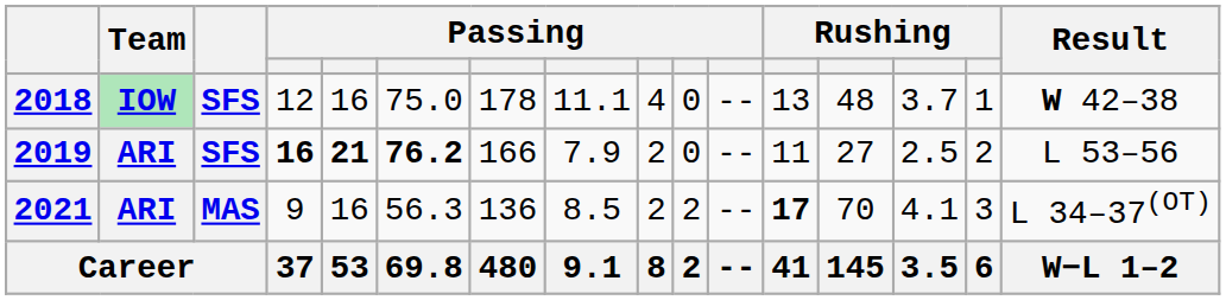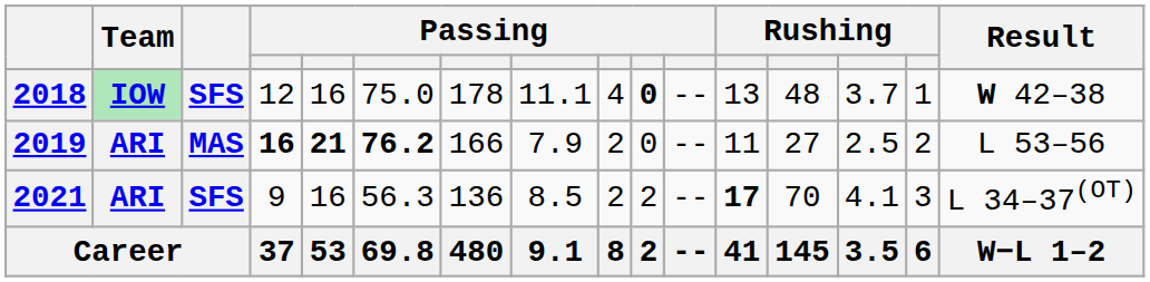 <table class="wikitable" style="text-align:center;">
 <tr>
 <th rowspan="2"></th>
 <th rowspan="2">Team</th>
 <th rowspan="2"></th>
 <th colspan="8">Passing</th>
 <th colspan="4">Rushing</th>
 <th rowspan="2">Result</th>
 </tr>
 <tr>
 <th></th>
 <th></th>
 <th></th>
 <th></th>
 <th></th>
 <th></th>
 <th></th>
 <th></th>
 <th></th>
 <th></th>
 <th></th>
 <th></th>
 </tr>
 <tr>
 <th><a href='#'>2018</a></th>
 <th style="background:#afe6ba;"><a href='#'>IOW</a></th>
 <th><a href='#'>SFS</a></th>
 <td>12</td>
 <td>16</td>
 <td>75.0</td>
 <td>178</td>
 <td>11.1</td>
 <td>4</td>
-<td>0</td>
+<td><strong>0</strong></td>
 <td>--</td>
 <td>13</td>
 <td>48</td>
 <td>3.7</td>
 <td>1</td>
 <td><strong>W</strong> 42–38</td>
 </tr>
 <tr>
 <th><a href='#'>2019</a></th>
 <th><a href='#'>ARI</a></th>
-<th><a href='#'>SFS</a></th>
+<th><a href='#'>MAS</a></th>
 <td><strong>16</strong></td>
 <td><strong>21</strong></td>
 <td><strong>76.2</strong></td>
 <td>166</td>
 <td>7.9</td>
 <td>2</td>
 <td>0</td>
 <td>--</td>
 <td>11</td>
 <td>27</td>
 <td>2.5</td>
 <td>2</td>
 <td>L 53–56</td>
 </tr>
 <tr>
 <th><a href='#'>2021</a></th>
 <th><a href='#'>ARI</a></th>
-<th><a href='#'>MAS</a></th>
+<th><a href='#'>SFS</a></th>
 <td>9</td>
 <td>16</td>
 <td>56.3</td>
 <td>136</td>
 <td>8.5</td>
 <td>2</td>
 <td>2</td>
 <td>--</td>
 <td><strong>17</strong></td>
 <td>70</td>
 <td>4.1</td>
 <td>3</td>
 <td>L 34–37<sup>(OT)</sup></td>
 </tr>
 <tr>
 <th colspan="3">Career</th>
 <th>37</th>
 <th>53</th>
 <th>69.8</th>
 <th>480</th>
 <th>9.1</th>
 <th>8</th>
 <th>2</th>
 <th>--</th>
 <th>41</th>
 <th>145</th>
 <th>3.5</th>
 <th>6</th>
 <th>W−L 1–2</th>
 </tr>
 </table>
